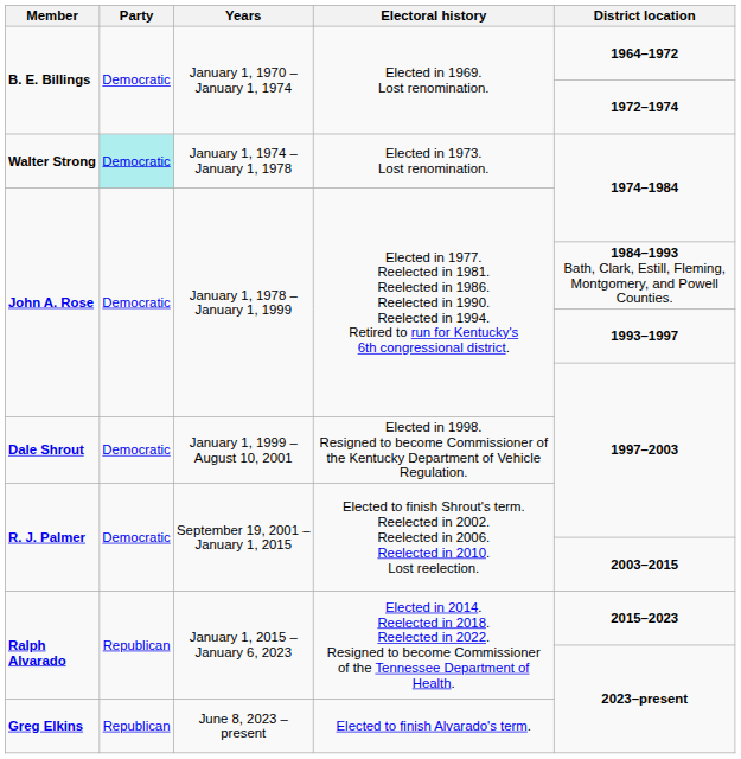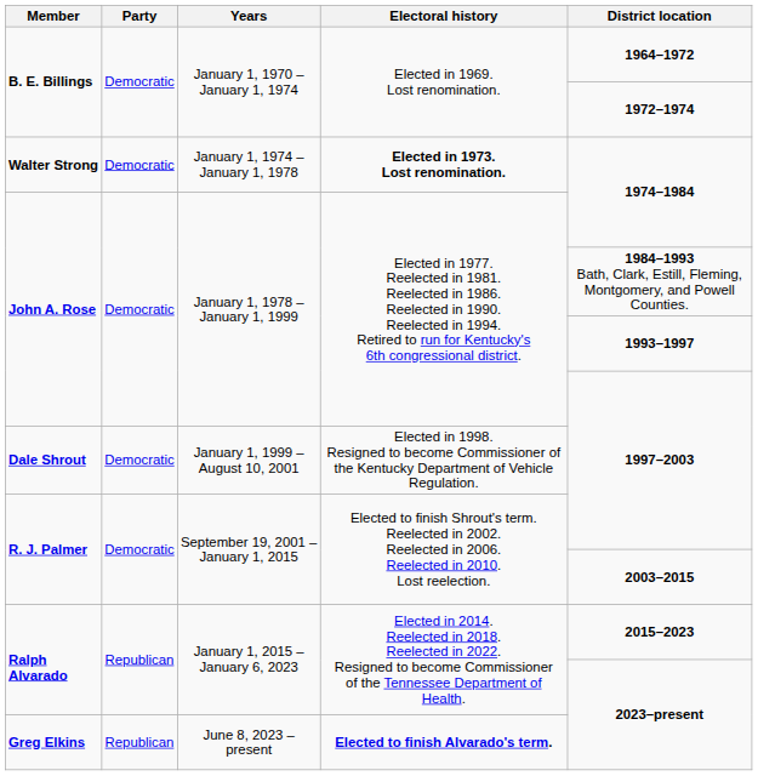 <table class=wikitable style="text-align:center">
 <tr>
 <th>Member</th>
 <th>Party</th>
 <th>Years</th>
 <th>Electoral history</th>
 <th>District location</th>
 </tr>
 <tr style="height:4em">
 <td rowspan=2 align=left><strong>B. E. Billings</strong><br></td>
 <td rowspan=2 ><a href='#'>Democratic</a></td>
 <td rowspan=2 nowrap>January 1, 1970 –<br>January 1, 1974</td>
 <td rowspan=2>Elected in 1969.<br>Lost renomination.</td>
 <td><strong>1964–1972</strong><br></td>
 </tr>
 <tr style="height:4em">
 <td><strong>1972–1974</strong><br></td>
 </tr>
 <tr style="height:4em">
 <td align=left><strong>Walter Strong</strong><br></td>
-<td style="background: paleturquoise;"><a href='#'>Democratic</a></td>
+<td><a href='#'>Democratic</a></td>
 <td nowrap>January 1, 1974 –<br>January 1, 1978</td>
-<td>Elected in 1973.<br>Lost renomination.</td>
+<td><strong>Elected in 1973.<br>Lost renomination.</strong></td>
 <td rowspan=2><strong>1974–1984</strong><br></td>
 </tr>
 <tr style="height:4em">
 <td rowspan=4 align=left><strong><a href='#'>John A. Rose</a></strong><br></td>
 <td rowspan=4 ><a href='#'>Democratic</a></td>
 <td rowspan=4 nowrap>January 1, 1978 –<br>January 1, 1999</td>
 <td rowspan=4>Elected in 1977.<br>Reelected in 1981.<br>Reelected in 1986.<br>Reelected in 1990.<br>Reelected in 1994.<br>Retired to <a href='#'>run for Kentucky's<br>6th congressional district</a>.</td>
 </tr>
 <tr style="height:4em">
 <td><strong>1984–1993</strong><br>Bath, Clark, Estill, Fleming,<br>Montgomery, and Powell Counties.</td>
 </tr>
 <tr style="height:4em">
 <td><strong>1993–1997</strong><br></td>
 </tr>
 <tr style="height:4em">
 <td rowspan=3><strong>1997–2003</strong><br></td>
 </tr>
 <tr style="height:4em">
 <td align=left><strong><a href='#'>Dale Shrout</a></strong><br></td>
 <td><a href='#'>Democratic</a></td>
 <td nowrap>January 1, 1999 –<br>August 10, 2001</td>
 <td>Elected in 1998.<br>Resigned to become Commissioner of<br>the Kentucky Department of Vehicle Regulation.</td>
 </tr>
 <tr style="height:4em">
 <td rowspan=2 align=left><strong><a href='#'>R. J. Palmer</a></strong><br></td>
 <td rowspan=2 ><a href='#'>Democratic</a></td>
 <td rowspan=2 nowrap>September 19, 2001 –<br>January 1, 2015</td>
 <td rowspan=2>Elected to finish Shrout's term.<br>Reelected in 2002.<br>Reelected in 2006.<br><a href='#'>Reelected in 2010</a>.<br>Lost reelection.</td>
 </tr>
 <tr style="height:4em">
 <td><strong>2003–2015</strong><br></td>
 </tr>
 <tr style="height:4em">
 <td rowspan=2 align=left><br><strong><a href='#'>Ralph Alvarado</a></strong><br></td>
 <td rowspan=2 ><a href='#'>Republican</a></td>
 <td rowspan=2 nowrap>January 1, 2015 –<br>January 6, 2023</td>
 <td rowspan=2><a href='#'>Elected in 2014</a>.<br><a href='#'>Reelected in 2018</a>.<br><a href='#'>Reelected in 2022</a>.<br>Resigned to become Commissioner<br>of the <a href='#'>Tennessee Department of Health</a>.</td>
 <td><strong>2015–2023</strong><br></td>
 </tr>
 <tr style="height:4em">
 <td rowspan=2><strong>2023–present</strong><br></td>
 </tr>
 <tr style="height:4em">
 <td align=left><strong><a href='#'>Greg Elkins</a></strong><br></td>
 <td><a href='#'>Republican</a></td>
 <td nowrap>June 8, 2023 –<br>present</td>
-<td><a href='#'>Elected to finish Alvarado's term</a>.</td>
+<td><strong><a href='#'>Elected to finish Alvarado's term</a>.</strong></td>
 </tr>
 </table>
